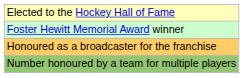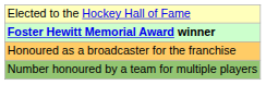 <table class="wikitable">
 <tr>
 <td style="background:#ffb;">Elected to the <a href='#'>Hockey Hall of Fame</a></td>
 </tr>
 <tr>
-<td style="background:#cfc;"><a href='#'>Foster Hewitt Memorial Award</a> winner</td>
+<td style="background:#cfc;"><strong><a href='#'>Foster Hewitt Memorial Award</a> winner</strong></td>
 </tr>
 <tr>
 <td style="background:#fc6;">Honoured as a broadcaster for the franchise</td>
 </tr>
 <tr>
 <td style="background:#93c572;">Number honoured by a team for multiple players</td>
 </tr>
 </table>
